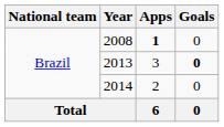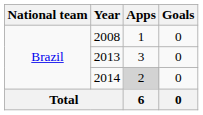 <table class="wikitable" style="text-align: center;">
 <tr>
 <th>National team</th>
 <th>Year</th>
 <th>Apps</th>
 <th>Goals</th>
 </tr>
 <tr>
 <td rowspan="3"><a href='#'>Brazil</a></td>
 <td>2008</td>
-<td><strong>1</strong></td>
+<td>1</td>
 <td>0</td>
 </tr>
 <tr>
 <td>2013</td>
 <td>3</td>
-<td><strong>0</strong></td>
+<td>0</td>
 </tr>
 <tr>
 <td>2014</td>
-<td>2</td>
+<td style="background: lightgrey;">2</td>
 <td>0</td>
 </tr>
 <tr>
 <th colspan="2">Total</th>
 <th>6</th>
 <th>0</th>
 </tr>
 </table>
